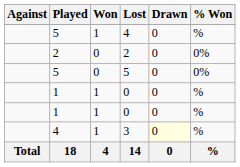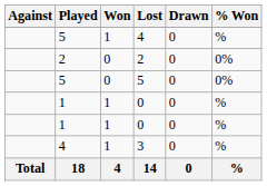 <table class="sortable wikitable" style="font-size: 87%;">
 <tr>
 <th>Against</th>
 <th>Played</th>
 <th>Won</th>
 <th>Lost</th>
 <th>Drawn</th>
 <th>% Won</th>
 </tr>
 <tr bgcolor="#d0ffd0" align="center">
 </tr>
 <tr>
 <td align="left"></td>
 <td>5</td>
 <td>1</td>
 <td>4</td>
 <td>0</td>
 <td>%</td>
 </tr>
 <tr>
 <td align="left"></td>
 <td>2</td>
 <td>0</td>
 <td>2</td>
 <td>0</td>
 <td>0%</td>
 </tr>
 <tr>
 <td align="left"></td>
 <td>5</td>
 <td>0</td>
 <td>5</td>
 <td>0</td>
 <td>0%</td>
 </tr>
 <tr>
 <td align="left"></td>
 <td>1</td>
 <td>1</td>
 <td>0</td>
 <td>0</td>
 <td>%</td>
 </tr>
 <tr>
 <td align="left"></td>
 <td>1</td>
 <td>1</td>
 <td>0</td>
 <td>0</td>
 <td>%</td>
 </tr>
 <tr>
 <td align="left"></td>
 <td>4</td>
 <td>1</td>
 <td>3</td>
-<td style="background: lightyellow;">0</td>
+<td>0</td>
 <td>%</td>
 </tr>
 <tr>
 <th>Total</th>
 <th><strong>18</strong></th>
 <th><strong>4</strong></th>
 <th><strong>14</strong></th>
 <th><strong>0</strong></th>
 <th><strong>%</strong></th>
 </tr>
 </table>
